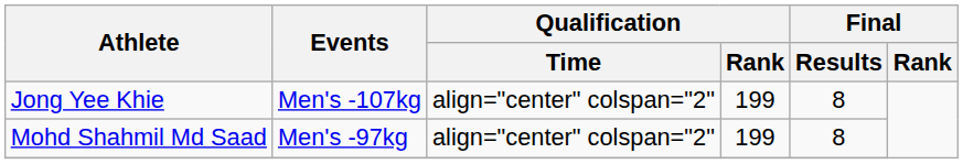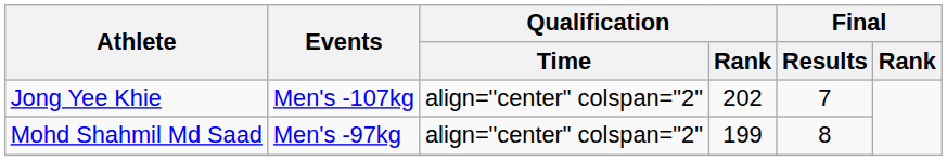 <table class=wikitable>
 <tr>
 <th rowspan="2">Athlete</th>
 <th rowspan="2">Events</th>
 <th colspan="2">Qualification</th>
 <th colspan="2">Final</th>
 </tr>
 <tr>
 <th>Time</th>
 <th>Rank</th>
 <th>Results</th>
 <th>Rank</th>
 </tr>
 <tr>
 <td><a href='#'>Jong Yee Khie</a></td>
 <td><a href='#'>Men's -107kg</a></td>
 <td>align="center" colspan="2" </td>
-<td align="center">199</td>
-<td align="center">8</td>
+<td align="center">202</td>
+<td align="center">7</td>
 </tr>
 <tr>
 <td><a href='#'>Mohd Shahmil Md Saad</a></td>
 <td><a href='#'>Men's -97kg</a></td>
 <td>align="center" colspan="2" </td>
 <td align="center">199</td>
 <td align="center">8</td>
 </tr>
 <tr>
 </tr>
 </table>
